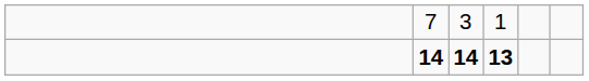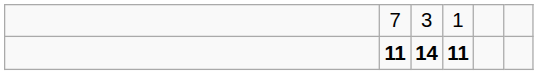 <table class="wikitable">
 <tr>
 <td style="width:18em"></td>
 <td align=center style="width:1em">7</td>
 <td align=center style="width:1em">3</td>
 <td align=center style="width:1em">1</td>
 <td align=center style="width:1em"></td>
 <td align=center style="width:1em"></td>
 </tr>
 <tr>
 <td style="width:18em"><strong></strong></td>
+<td align=center style="width:1em"><strong>11</strong></td>
 <td align=center style="width:1em"><strong>14</strong></td>
-<td align=center style="width:1em"><strong>14</strong></td>
-<td align=center style="width:1em"><strong>13</strong></td>
+<td align=center style="width:1em"><strong>11</strong></td>
 <td align=center style="width:1em"></td>
 <td align=center style="width:1em"></td>
 </tr>
 </table>
